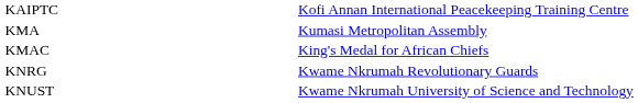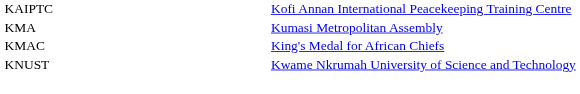 <table width="100%" style="text-verticalalign:top">
 <tr>
 <td width="20%">KAIPTC</td>
 <td width="40%"><a href='#'>Kofi Annan International Peacekeeping Training Centre</a></td>
 <td width="40%"></td>
 </tr>
 <tr>
 <td>KMA</td>
 <td><a href='#'>Kumasi Metropolitan Assembly</a></td>
 <td></td>
 </tr>
 <tr>
 <td>KMAC</td>
 <td><a href='#'>King's Medal for African Chiefs</a></td>
 <td></td>
 </tr>
 <tr>
-<td>KNRG</td>
-<td><a href='#'>Kwame Nkrumah Revolutionary Guards</a></td>
-<td></td>
-</tr>
-<tr>
 <td>KNUST</td>
 <td><a href='#'>Kwame Nkrumah University of Science and Technology</a></td>
 <td></td>
 </tr>
 </table>
